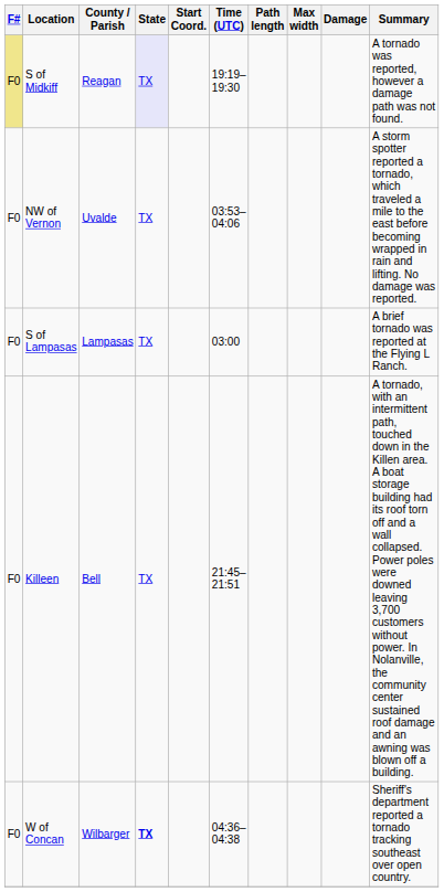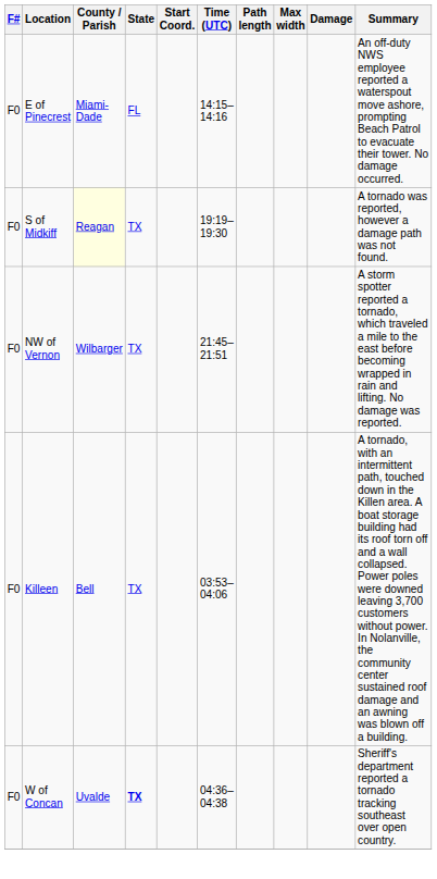 <table class="wikitable sortable" style="width:100%;">
 <tr>
 <th scope="col"  style="width:3%; text-align:center;"><a href='#'>F#</a></th>
 <th scope="col"  style="width:7%; text-align:center;" class="unsortable">Location</th>
 <th scope="col"  style="width:6%; text-align:center;" class="unsortable">County / Parish</th>
 <th scope="col"  style="width:5%; text-align:center;">State</th>
 <th scope="col"  style="width:6%; text-align:center;">Start Coord.</th>
 <th scope="col"  style="width:6%; text-align:center;">Time (<a href='#'>UTC</a>)</th>
 <th scope="col"  style="width:6%; text-align:center;">Path length</th>
 <th scope="col"  style="width:6%; text-align:center;">Max width</th>
 <th scope="col"  style="width:6%; text-align:center;">Damage</th>
 <th scope="col" class="unsortable" style="width:48%; text-align:center;">Summary</th>
 </tr>
 <tr>
-<td style="background: khaki;">F0</td>
+<td>F0</td>
+<td>E of <a href='#'>Pinecrest</a></td>
+<td><a href='#'>Miami-Dade</a></td>
+<td><a href='#'>FL</a></td>
+<td></td>
+<td>14:15–14:16</td>
+<td></td>
+<td></td>
+<td></td>
+<td>An off-duty NWS employee reported a waterspout move ashore, prompting Beach Patrol to evacuate their tower. No damage occurred.</td>
+</tr>
+<tr>
+<td>F0</td>
 <td>S of <a href='#'>Midkiff</a></td>
-<td><a href='#'>Reagan</a></td>
-<td style="background: lavender;"><a href='#'>TX</a></td>
+<td style="background: lightyellow;"><a href='#'>Reagan</a></td>
+<td><a href='#'>TX</a></td>
 <td></td>
 <td>19:19–19:30</td>
 <td></td>
 <td></td>
 <td></td>
 <td>A tornado was reported, however a damage path was not found.</td>
 </tr>
 <tr>
 <td>F0</td>
 <td>NW of <a href='#'>Vernon</a></td>
-<td><a href='#'>Uvalde</a></td>
+<td><a href='#'>Wilbarger</a></td>
 <td><a href='#'>TX</a></td>
 <td></td>
-<td>03:53–04:06</td>
+<td>21:45–21:51</td>
 <td></td>
 <td></td>
 <td></td>
 <td>A storm spotter reported a tornado, which traveled a mile to the east before becoming wrapped in rain and lifting. No damage was reported.</td>
 </tr>
 <tr>
 <td>F0</td>
-<td>S of <a href='#'>Lampasas</a></td>
-<td><a href='#'>Lampasas</a></td>
-<td><a href='#'>TX</a></td>
-<td></td>
-<td>03:00</td>
-<td></td>
-<td></td>
-<td></td>
-<td>A brief tornado was reported at the Flying L Ranch.</td>
-</tr>
-<tr>
-<td>F0</td>
 <td><a href='#'>Killeen</a></td>
 <td><a href='#'>Bell</a></td>
 <td><a href='#'>TX</a></td>
 <td></td>
-<td>21:45–21:51</td>
+<td>03:53–04:06</td>
 <td></td>
 <td></td>
 <td></td>
 <td>A tornado, with an intermittent path, touched down in the Killen area. A boat storage building had its roof torn off and a wall collapsed. Power poles were downed leaving 3,700 customers without power. In Nolanville, the community center sustained roof damage and an awning was blown off a building.</td>
 </tr>
 <tr>
 <td>F0</td>
 <td>W of <a href='#'>Concan</a></td>
-<td><a href='#'>Wilbarger</a></td>
+<td><a href='#'>Uvalde</a></td>
 <td><strong><a href='#'>TX</a></strong></td>
 <td></td>
 <td>04:36–04:38</td>
 <td></td>
 <td></td>
 <td></td>
 <td>Sheriff's department reported a tornado tracking southeast over open country.</td>
 </tr>
 <tr>
 </tr>
 </table>
